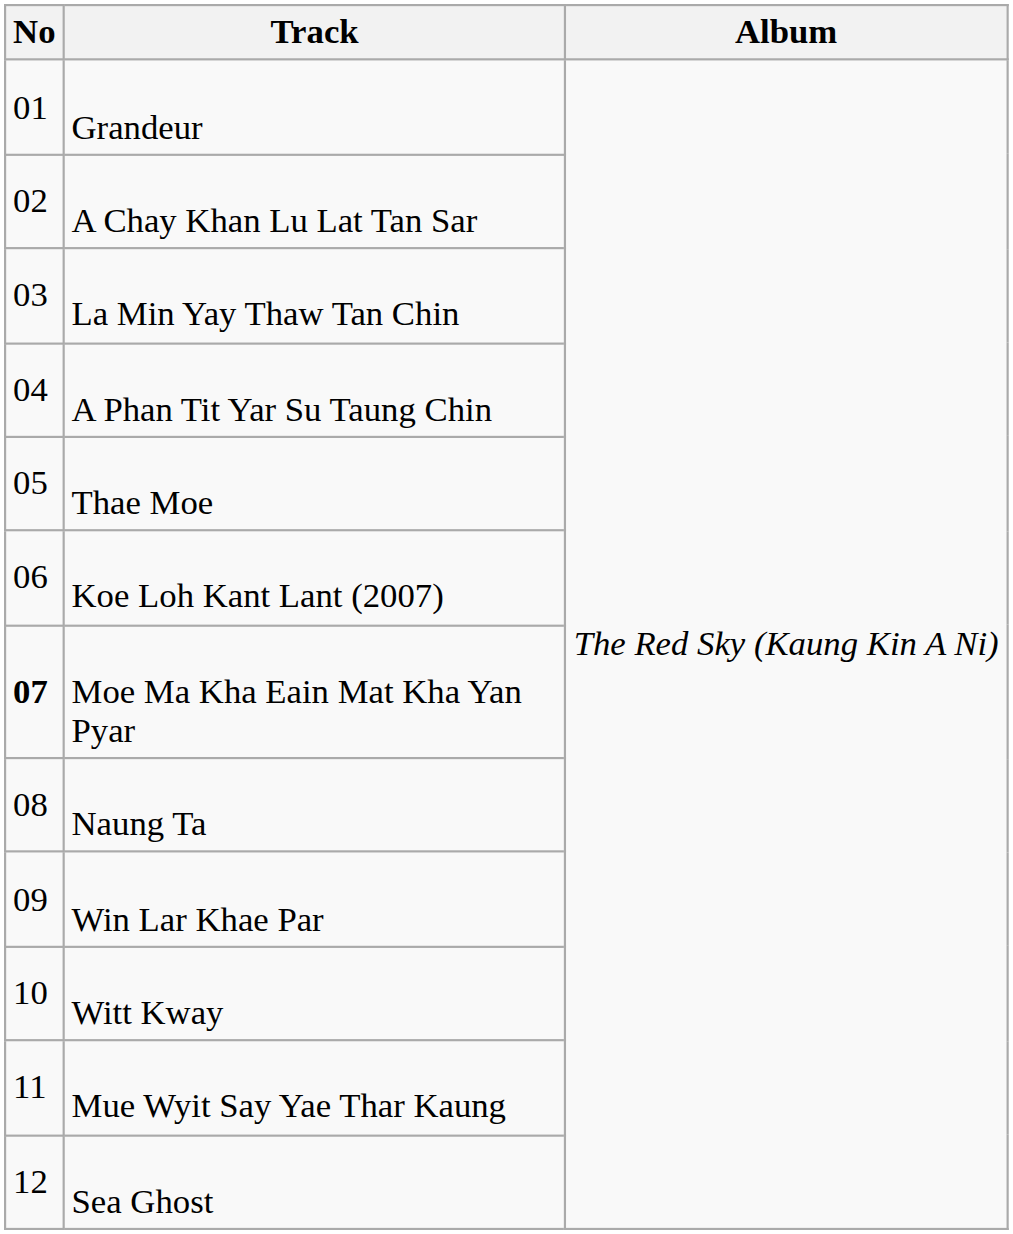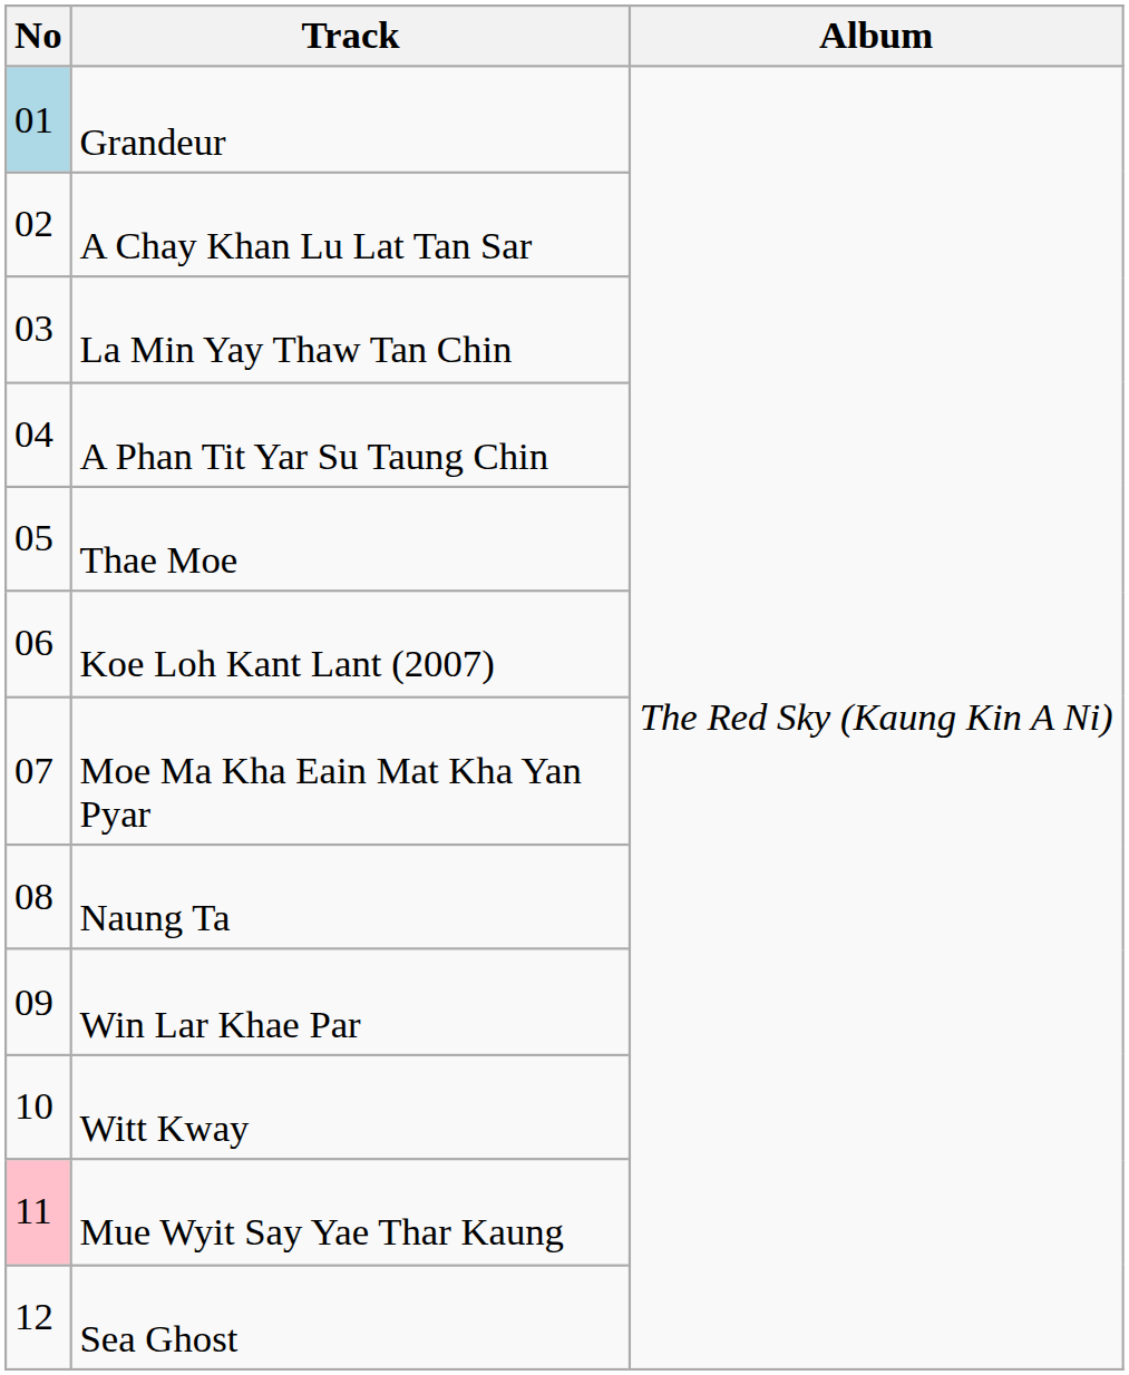 <table class="wikitable">
 <tr>
 <th scope="col">No</th>
 <th scope="col" style="width:14em;">Track</th>
 <th scope="col">Album</th>
 </tr>
 <tr>
-<td>01</td>
+<td style="background: lightblue;">01</td>
 <td><br>Grandeur</td>
 <td rowspan="12"><em>The Red Sky (Kaung Kin A Ni)</em></td>
 </tr>
 <tr>
 <td>02</td>
 <td><br>A Chay Khan Lu Lat Tan Sar</td>
 </tr>
 <tr>
 <td>03</td>
 <td><br>La Min Yay Thaw Tan Chin</td>
 </tr>
 <tr>
 <td>04</td>
 <td><br>A Phan Tit Yar Su Taung Chin</td>
 </tr>
 <tr>
 <td>05</td>
 <td><br>Thae Moe</td>
 </tr>
 <tr>
 <td>06</td>
 <td><br>Koe Loh Kant Lant (2007)</td>
 </tr>
 <tr>
-<td><strong>07</strong></td>
+<td>07</td>
 <td><br>Moe Ma Kha Eain Mat Kha Yan Pyar</td>
 </tr>
 <tr>
 <td>08</td>
 <td><br>Naung Ta</td>
 </tr>
 <tr>
 <td>09</td>
 <td><br>Win Lar Khae Par</td>
 </tr>
 <tr>
 <td>10</td>
 <td><br>Witt Kway</td>
 </tr>
 <tr>
-<td>11</td>
+<td style="background: pink;">11</td>
 <td><br>Mue Wyit Say Yae Thar Kaung</td>
 </tr>
 <tr>
 <td>12</td>
 <td><br>Sea Ghost</td>
 </tr>
 </table>
